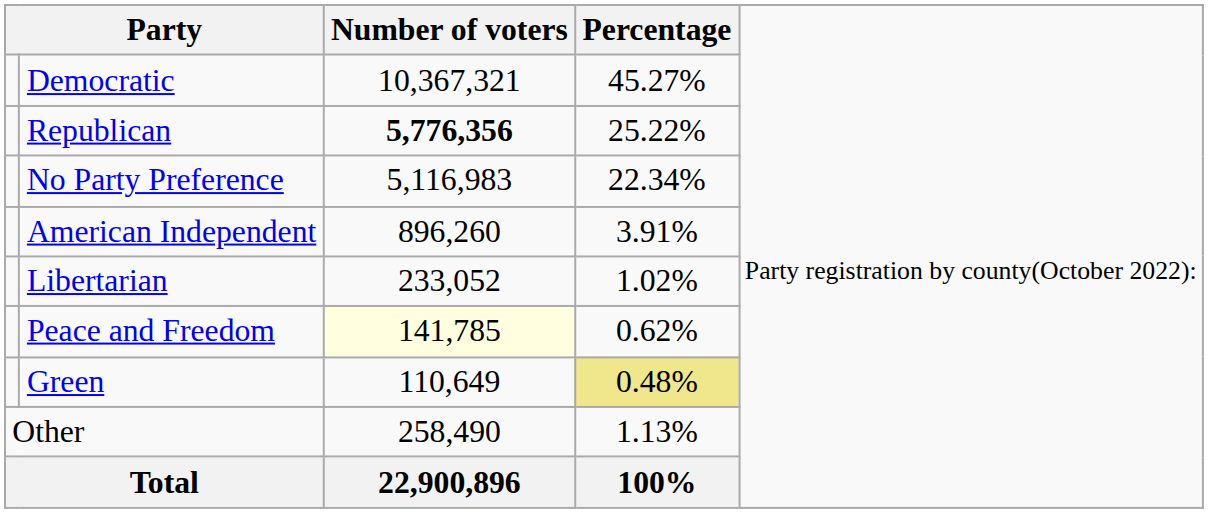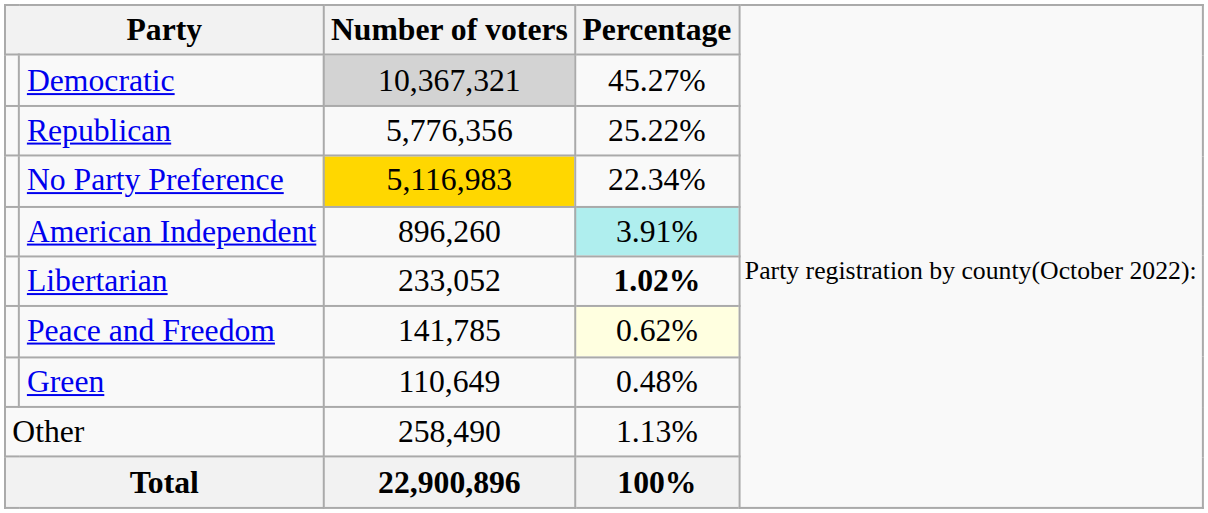 <table class="wikitable floatright mw-collapsible">
 <tr>
 <th colspan=2>Party</th>
 <th>Number of voters</th>
 <th>Percentage</th>
 <td rowspan="10" style="font-size:small"><br>Party registration by county(October 2022):      </td>
 </tr>
 <tr>
 <td></td>
 <td><a href='#'>Democratic</a></td>
-<td style="text-align:center;">10,367,321</td>
+<td style="background: lightgrey; text-align:center;">10,367,321</td>
 <td style="text-align:center;">45.27%</td>
 </tr>
 <tr>
 <td></td>
 <td><a href='#'>Republican</a></td>
-<td style="text-align:center;"><strong>5,776,356</strong></td>
+<td style="text-align:center;">5,776,356</td>
 <td style="text-align:center;">25.22%</td>
 </tr>
 <tr>
 <td></td>
 <td><a href='#'>No Party Preference</a></td>
-<td style="text-align:center;">5,116,983</td>
+<td style="background: gold; text-align:center;">5,116,983</td>
 <td style="text-align:center;">22.34%</td>
 </tr>
 <tr>
 <td></td>
 <td><a href='#'>American Independent</a></td>
 <td style="text-align:center;">896,260</td>
-<td style="text-align:center;">3.91%</td>
+<td style="background: paleturquoise; text-align:center;">3.91%</td>
 </tr>
 <tr>
 <td></td>
 <td><a href='#'>Libertarian</a></td>
 <td style="text-align:center;">233,052</td>
-<td style="text-align:center;">1.02%</td>
+<td style="text-align:center;"><strong>1.02%</strong></td>
 </tr>
 <tr>
 <td></td>
 <td><a href='#'>Peace and Freedom</a></td>
-<td style="background: lightyellow; text-align:center;">141,785</td>
-<td style="text-align:center;">0.62%</td>
+<td style="text-align:center;">141,785</td>
+<td style="background: lightyellow; text-align:center;">0.62%</td>
 </tr>
 <tr>
 <td></td>
 <td><a href='#'>Green</a></td>
 <td style="text-align:center;">110,649</td>
-<td style="background: khaki; text-align:center;">0.48%</td>
+<td style="text-align:center;">0.48%</td>
 </tr>
 <tr>
 <td colspan="2" style="text-align:left;">Other</td>
 <td style="text-align:center;">258,490</td>
 <td style="text-align:center;">1.13%</td>
 </tr>
 <tr>
 <th colspan=2>Total</th>
 <th style="text-align:center;">22,900,896</th>
 <th style="text-align:center;">100%</th>
 </tr>
 </table>
